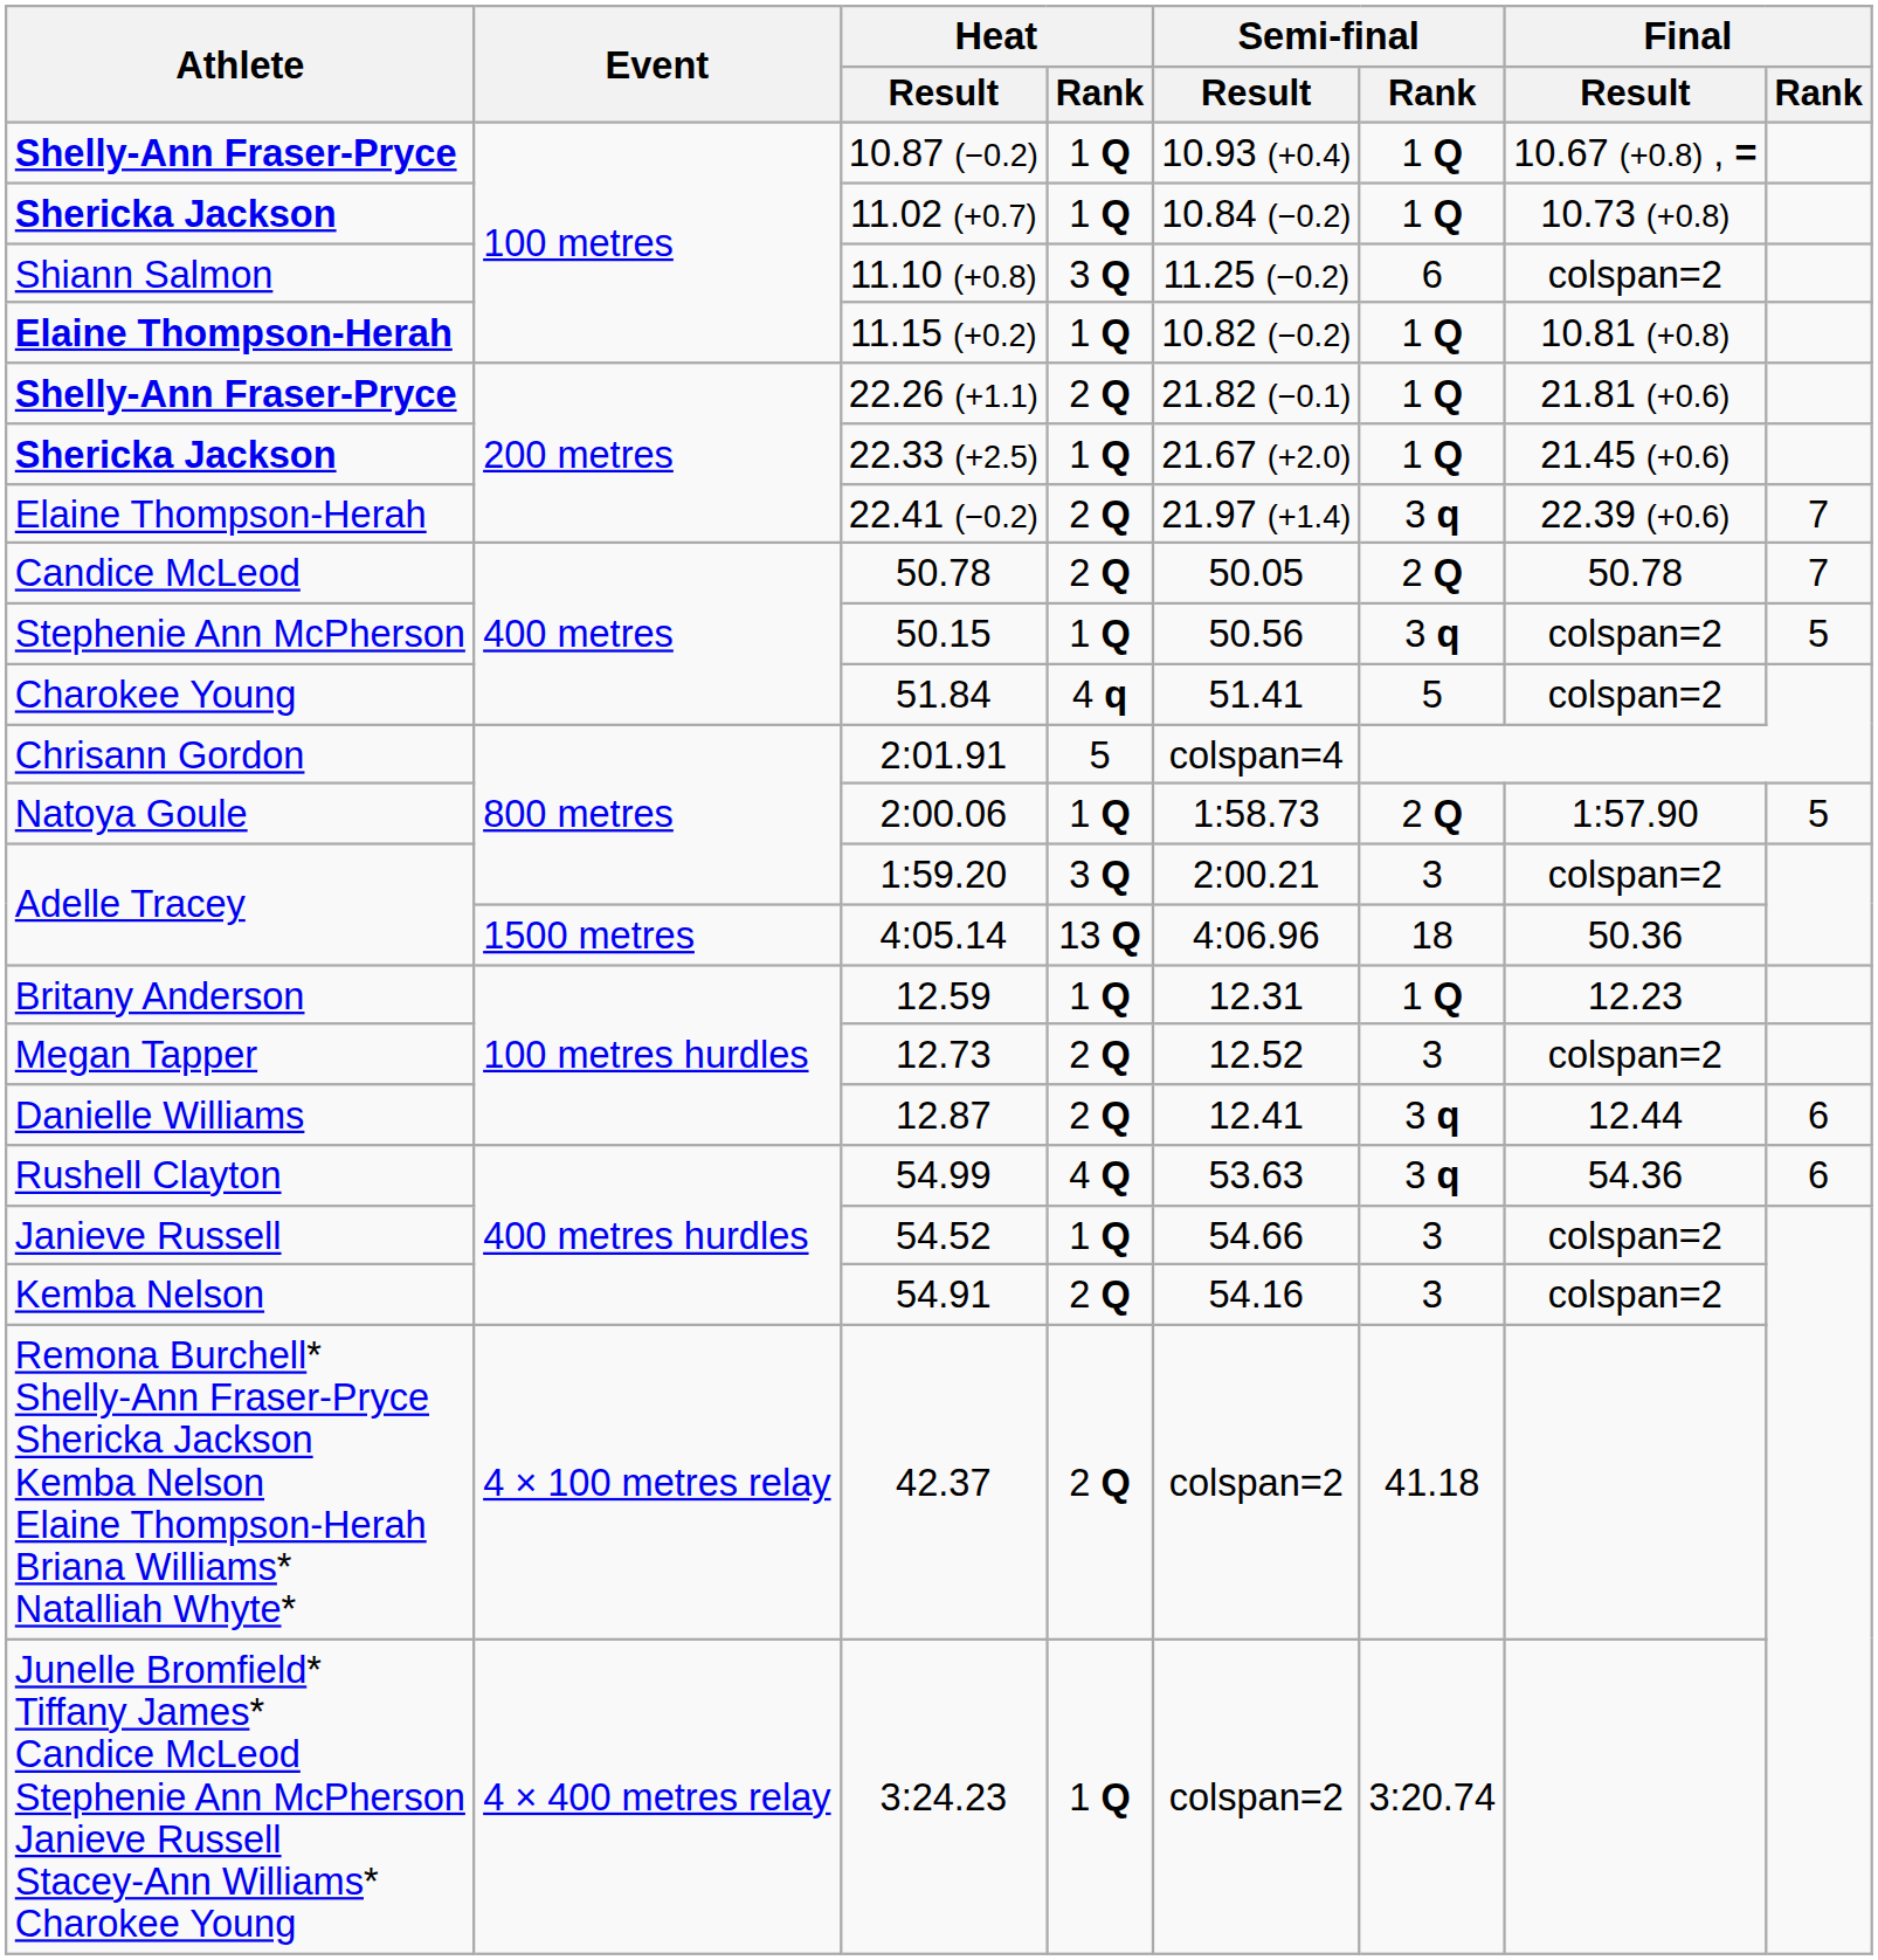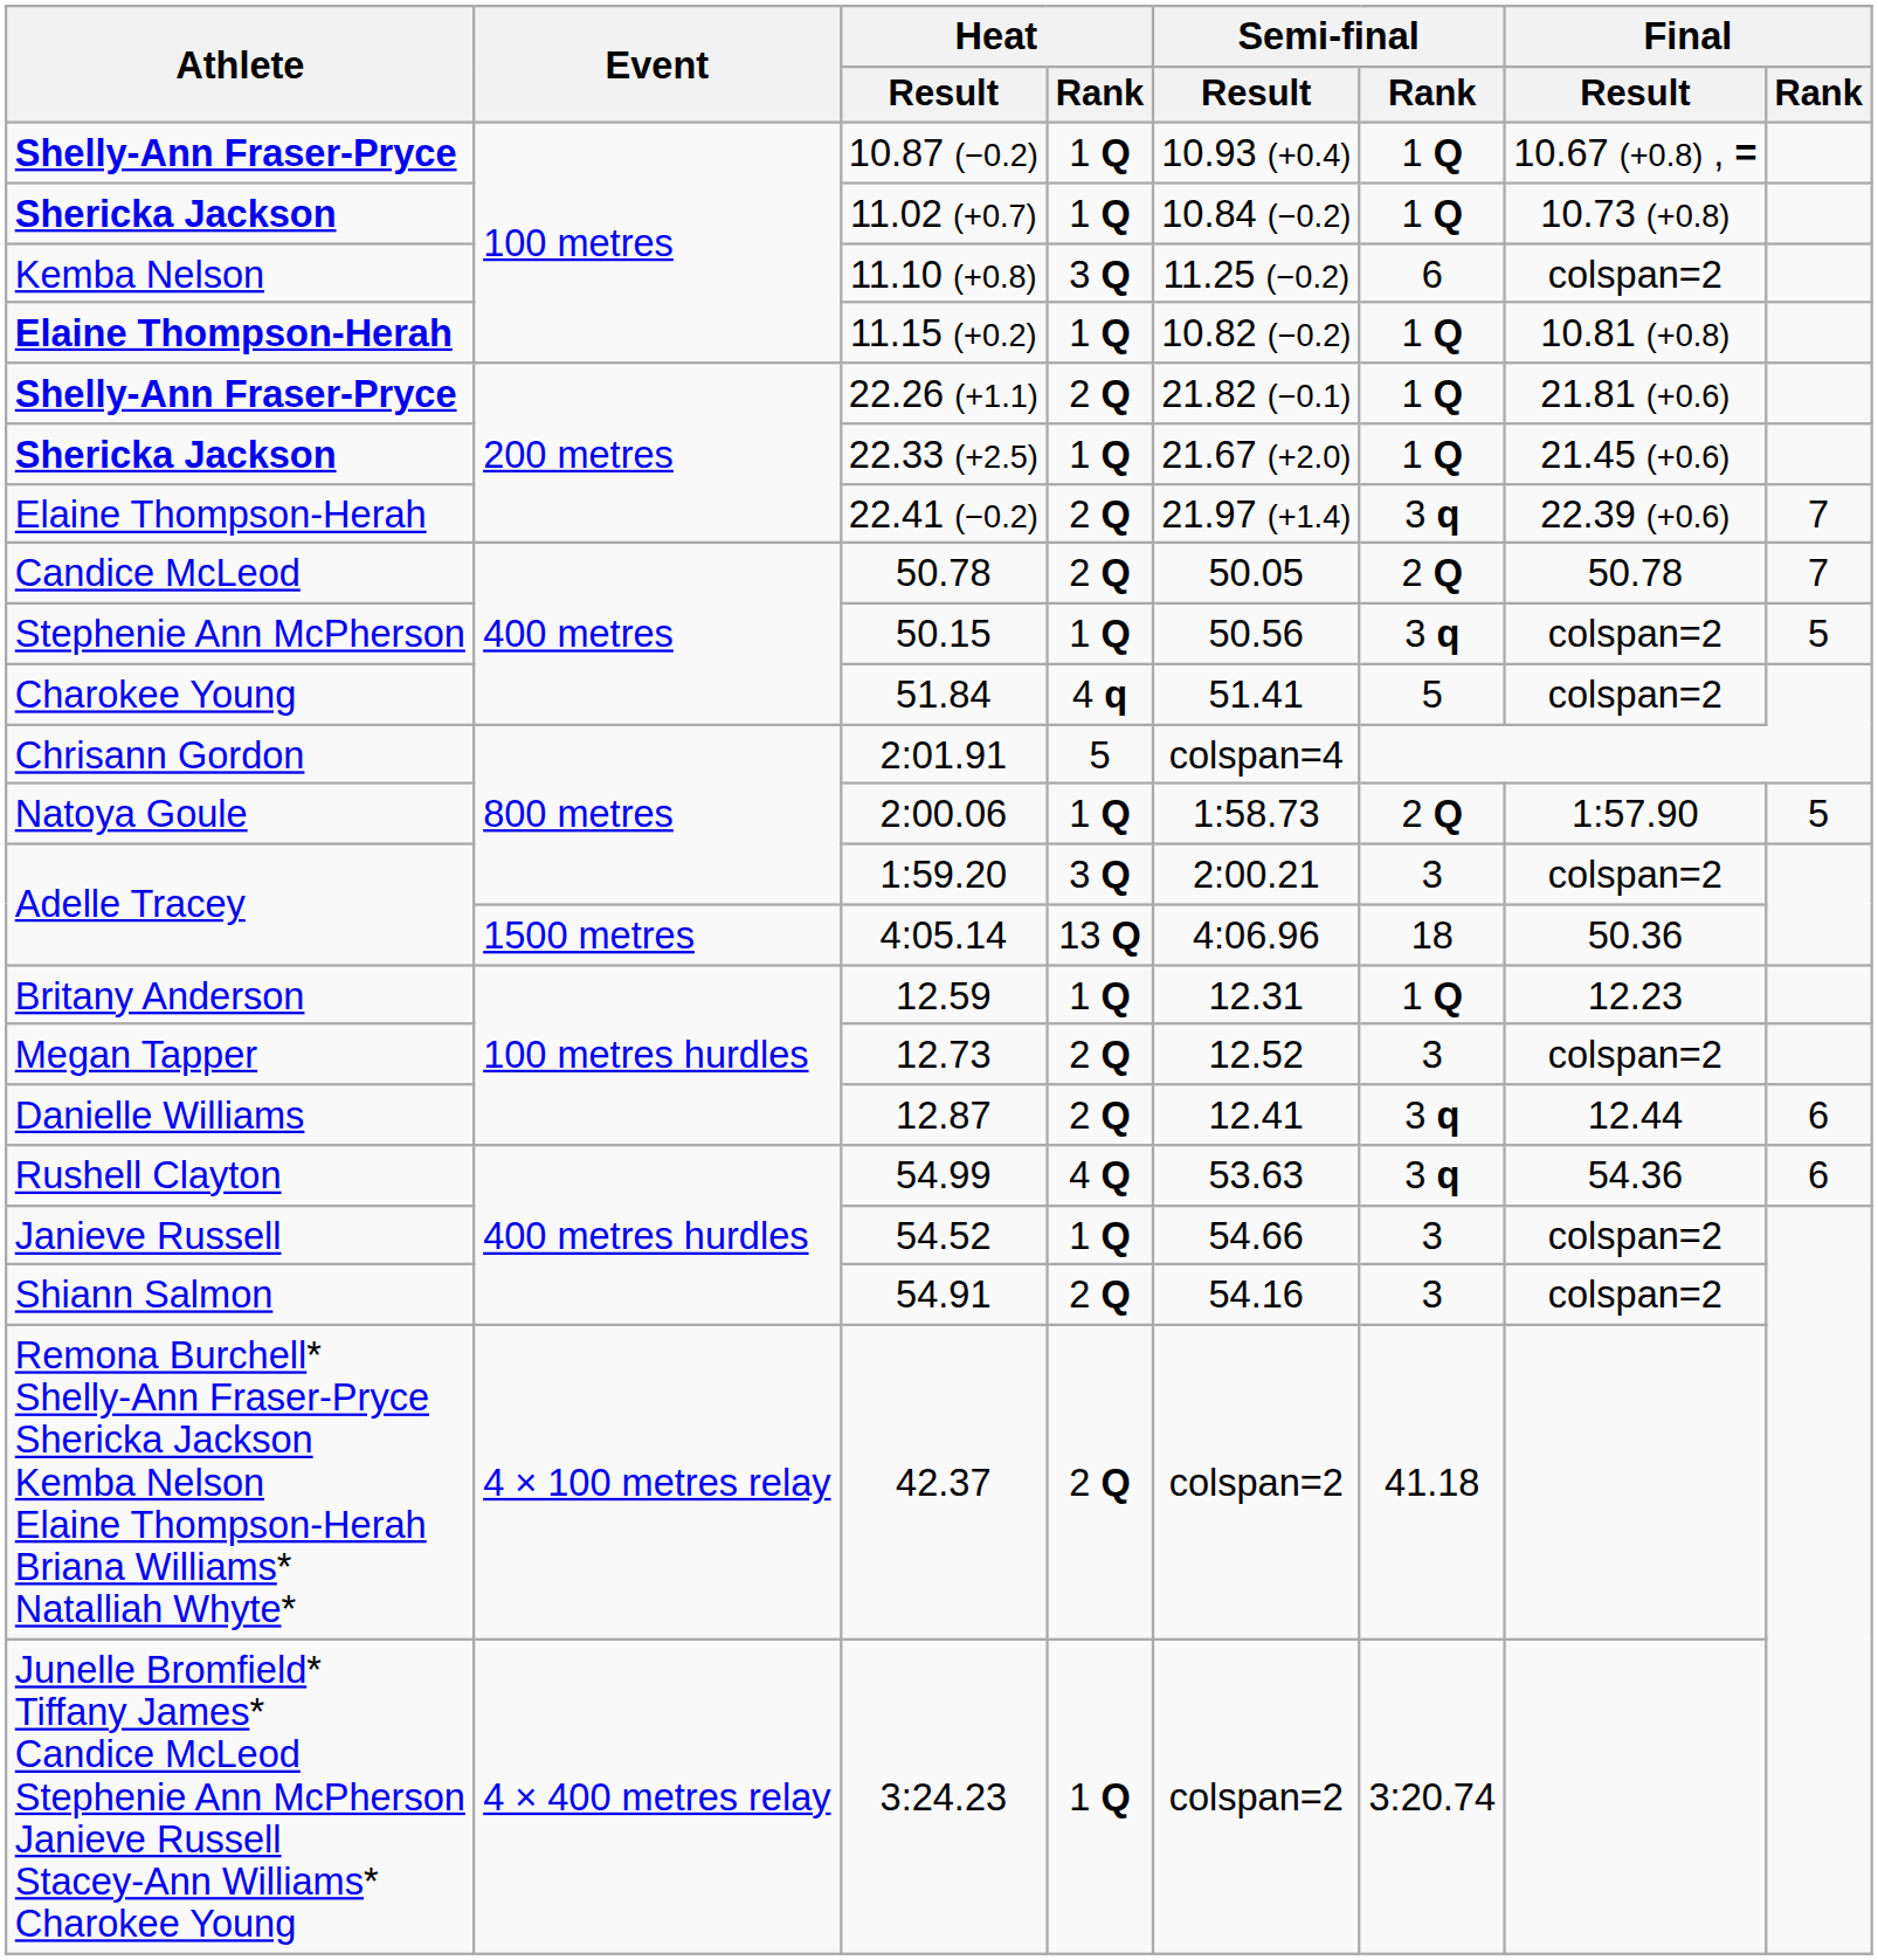 <table class="wikitable" style="font-size:90%">
 <tr>
 <th rowspan="2">Athlete</th>
 <th rowspan="2">Event</th>
 <th colspan="2">Heat</th>
 <th colspan="2">Semi-final</th>
 <th colspan="2">Final</th>
 </tr>
 <tr style="font-size:95%">
 <th>Result</th>
 <th>Rank</th>
 <th>Result</th>
 <th>Rank</th>
 <th>Result</th>
 <th>Rank</th>
 </tr>
 <tr align=center>
 <td align=left><strong><a href='#'>Shelly-Ann Fraser-Pryce</a></strong></td>
 <td align=left rowspan=4><a href='#'>100 metres</a></td>
 <td>10.87 <small>(−0.2)</small></td>
 <td>1 <strong>Q</strong></td>
 <td>10.93 <small>(+0.4)</small></td>
 <td>1 <strong>Q</strong></td>
 <td>10.67 <small>(+0.8)</small> <strong></strong>, <strong>=</strong></td>
 <td></td>
 </tr>
 <tr align=center>
 <td align=left><strong><a href='#'>Shericka Jackson</a></strong></td>
 <td>11.02 <small>(+0.7)</small></td>
 <td>1 <strong>Q</strong></td>
 <td>10.84 <small>(−0.2)</small></td>
 <td>1 <strong>Q</strong></td>
 <td>10.73 <small>(+0.8)</small> </td>
 <td></td>
 </tr>
 <tr align=center>
-<td align=left><a href='#'>Shiann Salmon</a></td>
+<td align=left><a href='#'>Kemba Nelson</a></td>
 <td>11.10 <small>(+0.8)</small></td>
 <td>3 <strong>Q</strong></td>
 <td>11.25 <small>(−0.2)</small></td>
 <td>6</td>
 <td>colspan=2 </td>
 </tr>
 <tr align=center>
 <td align=left><strong><a href='#'>Elaine Thompson-Herah</a></strong></td>
 <td>11.15 <small>(+0.2)</small></td>
 <td>1 <strong>Q</strong></td>
 <td>10.82 <small>(−0.2)</small></td>
 <td>1 <strong>Q</strong></td>
 <td>10.81 <small>(+0.8)</small></td>
 <td></td>
 </tr>
 <tr align=center>
 <td align=left><strong><a href='#'>Shelly-Ann Fraser-Pryce</a></strong></td>
 <td align=left rowspan=3><a href='#'>200 metres</a></td>
 <td>22.26 <small>(+1.1)</small></td>
 <td>2 <strong>Q</strong></td>
 <td>21.82 <small>(−0.1)</small> </td>
 <td>1 <strong>Q</strong></td>
 <td>21.81 <small>(+0.6)</small> </td>
 <td></td>
 </tr>
 <tr align=center>
 <td align=left><strong><a href='#'>Shericka Jackson</a></strong></td>
 <td>22.33 <small>(+2.5)</small></td>
 <td>1 <strong>Q</strong></td>
 <td>21.67 <small>(+2.0)</small></td>
 <td>1 <strong>Q</strong></td>
 <td>21.45 <small>(+0.6)</small> <strong></strong></td>
 <td></td>
 </tr>
 <tr align=center>
 <td align=left><a href='#'>Elaine Thompson-Herah</a></td>
 <td>22.41 <small>(−0.2)</small></td>
 <td>2 <strong>Q</strong></td>
 <td>21.97 <small>(+1.4)</small> </td>
 <td>3 <strong>q</strong></td>
 <td>22.39 <small>(+0.6)</small></td>
 <td>7</td>
 </tr>
 <tr align=center>
 <td align=left><a href='#'>Candice McLeod</a></td>
 <td align=left rowspan=3><a href='#'>400 metres</a></td>
 <td>50.78</td>
 <td>2 <strong>Q</strong></td>
 <td>50.05 </td>
 <td>2 <strong>Q</strong></td>
 <td>50.78</td>
 <td>7</td>
 </tr>
 <tr align=center>
 <td align=left><a href='#'>Stephenie Ann McPherson</a></td>
 <td>50.15 </td>
 <td>1 <strong>Q</strong></td>
 <td>50.56</td>
 <td>3 <strong>q</strong></td>
 <td>colspan=2 </td>
 <td>5</td>
 </tr>
 <tr align=center>
 <td align=left><a href='#'>Charokee Young</a></td>
 <td>51.84</td>
 <td>4 <strong>q</strong></td>
 <td>51.41</td>
 <td>5</td>
 <td>colspan=2 </td>
 </tr>
 <tr align=center>
 <td align=left><a href='#'>Chrisann Gordon</a></td>
 <td align=left rowspan=3><a href='#'>800 metres</a></td>
 <td>2:01.91</td>
 <td>5</td>
 <td>colspan=4 </td>
 </tr>
 <tr align=center>
 <td align=left><a href='#'>Natoya Goule</a></td>
 <td>2:00.06</td>
 <td>1 <strong>Q</strong></td>
 <td>1:58.73</td>
 <td>2 <strong>Q</strong></td>
 <td>1:57.90 </td>
 <td>5</td>
 </tr>
 <tr align=center>
 <td align=left rowspan=2><a href='#'>Adelle Tracey</a></td>
 <td>1:59.20 </td>
 <td>3 <strong>Q</strong></td>
 <td>2:00.21</td>
 <td>3</td>
 <td>colspan=2 </td>
 </tr>
 <tr align=center>
 <td align=left><a href='#'>1500 metres</a></td>
 <td>4:05.14</td>
 <td>13 <strong>Q</strong></td>
 <td>4:06.96</td>
 <td>18</td>
 <td>50.36</td>
 </tr>
 <tr align=center>
 <td align=left><a href='#'>Britany Anderson</a></td>
 <td align=left rowspan=3><a href='#'>100 metres hurdles</a></td>
 <td>12.59 </td>
 <td>1 <strong>Q</strong></td>
 <td>12.31  <strong></strong></td>
 <td>1 <strong>Q</strong></td>
 <td>12.23 </td>
 <td></td>
 </tr>
 <tr align=center>
 <td align=left><a href='#'>Megan Tapper</a></td>
 <td>12.73 </td>
 <td>2 <strong>Q</strong></td>
 <td>12.52  </td>
 <td>3</td>
 <td>colspan=2 </td>
 </tr>
 <tr align=center>
 <td align=left><a href='#'>Danielle Williams</a></td>
 <td>12.87 </td>
 <td>2 <strong>Q</strong></td>
 <td>12.41  </td>
 <td>3 <strong>q</strong></td>
 <td>12.44 </td>
 <td>6</td>
 </tr>
 <tr align=center>
 <td align=left><a href='#'>Rushell Clayton</a></td>
 <td align=left rowspan=3><a href='#'>400 metres hurdles</a></td>
 <td>54.99</td>
 <td>4 <strong>Q</strong></td>
 <td>53.63 </td>
 <td>3 <strong>q</strong></td>
 <td>54.36</td>
 <td>6</td>
 </tr>
 <tr align=center>
 <td align=left><a href='#'>Janieve Russell</a></td>
 <td>54.52</td>
 <td>1 <strong>Q</strong></td>
 <td>54.66</td>
 <td>3</td>
 <td>colspan=2 </td>
 </tr>
 <tr align=center>
-<td align=left><a href='#'>Kemba Nelson</a></td>
+<td align=left><a href='#'>Shiann Salmon</a></td>
 <td>54.91</td>
 <td>2 <strong>Q</strong></td>
 <td>54.16</td>
 <td>3</td>
 <td>colspan=2 </td>
 </tr>
 <tr align=center>
 <td align=left><a href='#'>Remona Burchell</a>*<br><a href='#'>Shelly-Ann Fraser-Pryce</a><br><a href='#'>Shericka Jackson</a><br><a href='#'>Kemba Nelson</a><br><a href='#'>Elaine Thompson-Herah</a><br><a href='#'>Briana Williams</a>*<br><a href='#'>Natalliah Whyte</a>*</td>
 <td align=left><a href='#'>4 × 100 metres relay</a></td>
 <td>42.37 </td>
 <td>2 <strong>Q</strong></td>
 <td>colspan=2 </td>
 <td>41.18 </td>
 <td></td>
 </tr>
 <tr align=center>
 <td align=left><a href='#'>Junelle Bromfield</a>*<br><a href='#'>Tiffany James</a>*<br><a href='#'>Candice McLeod</a><br><a href='#'>Stephenie Ann McPherson</a><br><a href='#'>Janieve Russell</a><br><a href='#'>Stacey-Ann Williams</a>*<br><a href='#'>Charokee Young</a></td>
 <td align=left><a href='#'>4 × 400 metres relay</a></td>
 <td>3:24.23 </td>
 <td>1 <strong>Q</strong></td>
 <td>colspan=2 </td>
 <td>3:20.74 </td>
 <td></td>
 </tr>
 </table>
